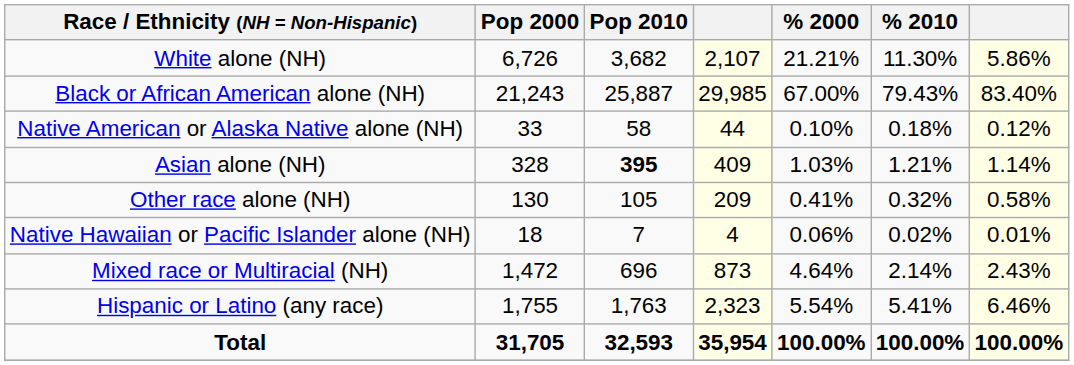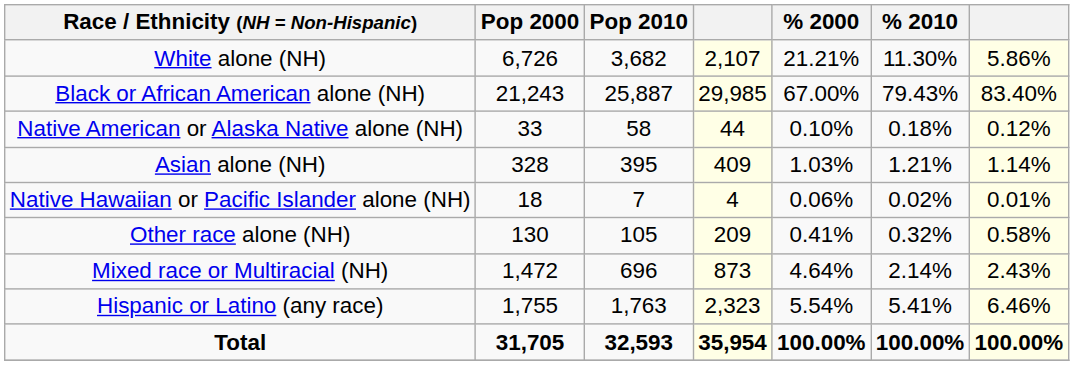 <table class="wikitable" style="text-align:center;">
 <tr>
 <th>Race / Ethnicity <small>(<em>NH = Non-Hispanic</em>)</small></th>
 <th>Pop 2000</th>
 <th>Pop 2010</th>
 <th></th>
 <th>% 2000</th>
 <th>% 2010</th>
 <th></th>
 </tr>
 <tr>
 <td><a href='#'>White</a> alone (NH)</td>
 <td>6,726</td>
 <td>3,682</td>
 <td style='background: #ffffe6;'>2,107</td>
 <td>21.21%</td>
 <td>11.30%</td>
 <td style='background: #ffffe6;'>5.86%</td>
 </tr>
 <tr>
 <td><a href='#'>Black or African American</a> alone (NH)</td>
 <td>21,243</td>
 <td>25,887</td>
 <td style='background: #ffffe6;'>29,985</td>
 <td>67.00%</td>
 <td>79.43%</td>
 <td style='background: #ffffe6;'>83.40%</td>
 </tr>
 <tr>
 <td><a href='#'>Native American</a> or <a href='#'>Alaska Native</a> alone (NH)</td>
 <td>33</td>
 <td>58</td>
 <td style='background: #ffffe6;'>44</td>
 <td>0.10%</td>
 <td>0.18%</td>
 <td style='background: #ffffe6;'>0.12%</td>
 </tr>
 <tr>
 <td><a href='#'>Asian</a> alone (NH)</td>
 <td>328</td>
-<td><strong>395</strong></td>
+<td>395</td>
 <td style='background: #ffffe6;'>409</td>
 <td>1.03%</td>
 <td>1.21%</td>
 <td style='background: #ffffe6;'>1.14%</td>
+</tr>
+<tr>
+<td><a href='#'>Native Hawaiian</a> or <a href='#'>Pacific Islander</a> alone (NH)</td>
+<td>18</td>
+<td>7</td>
+<td style='background: #ffffe6;'>4</td>
+<td>0.06%</td>
+<td>0.02%</td>
+<td style='background: #ffffe6;'>0.01%</td>
 </tr>
 <tr>
 <td><a href='#'>Other race</a> alone (NH)</td>
 <td>130</td>
 <td>105</td>
 <td style='background: #ffffe6;'>209</td>
 <td>0.41%</td>
 <td>0.32%</td>
 <td style='background: #ffffe6;'>0.58%</td>
-</tr>
-<tr>
-<td><a href='#'>Native Hawaiian</a> or <a href='#'>Pacific Islander</a> alone (NH)</td>
-<td>18</td>
-<td>7</td>
-<td style='background: #ffffe6;'>4</td>
-<td>0.06%</td>
-<td>0.02%</td>
-<td style='background: #ffffe6;'>0.01%</td>
 </tr>
 <tr>
 <td><a href='#'>Mixed race or Multiracial</a> (NH)</td>
 <td>1,472</td>
 <td>696</td>
 <td style='background: #ffffe6;'>873</td>
 <td>4.64%</td>
 <td>2.14%</td>
 <td style='background: #ffffe6;'>2.43%</td>
 </tr>
 <tr>
 <td><a href='#'>Hispanic or Latino</a> (any race)</td>
 <td>1,755</td>
 <td>1,763</td>
 <td style='background: #ffffe6;'>2,323</td>
 <td>5.54%</td>
 <td>5.41%</td>
 <td style='background: #ffffe6;'>6.46%</td>
 </tr>
 <tr>
 <td><strong>Total</strong></td>
 <td><strong>31,705</strong></td>
 <td><strong>32,593</strong></td>
 <td style='background: #ffffe6;'><strong>35,954</strong></td>
 <td><strong>100.00%</strong></td>
 <td><strong>100.00%</strong></td>
 <td style='background: #ffffe6;'><strong>100.00%</strong></td>
 </tr>
 <tr>
 </tr>
 </table>
